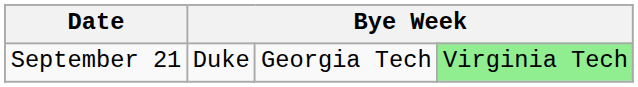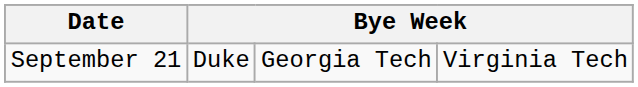 <table class="wikitable" style="font-size:95%;">
 <tr>
 <th>Date</th>
 <th colspan="3">Bye Week</th>
 </tr>
 <tr>
 <td>September 21</td>
 <td>Duke</td>
 <td>Georgia Tech</td>
-<td style="background: lightgreen;">Virginia Tech</td>
+<td>Virginia Tech</td>
 </tr>
 </table>
